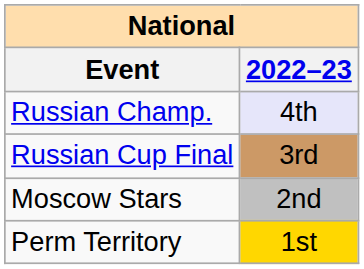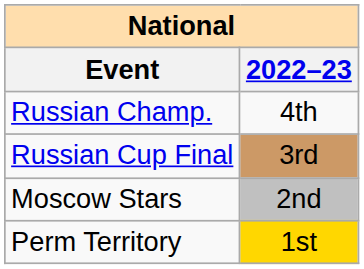 <table class="wikitable" style="text-align:center">
 <tr>
 <th style="background-color: #ffdead; " colspan=2 align=center>National</th>
 </tr>
 <tr>
 <th>Event</th>
 <th><a href='#'>2022–23</a></th>
 </tr>
 <tr>
 <td align=left><a href='#'>Russian Champ.</a></td>
-<td style="background: lavender;">4th</td>
+<td>4th</td>
 </tr>
 <tr>
 <td align="left"><a href='#'>Russian Cup Final</a></td>
 <td bgcolor=cc9966>3rd</td>
 </tr>
 <tr>
 <td align="left"> Moscow Stars</td>
 <td bgcolor=silver>2nd</td>
 </tr>
 <tr>
 <td align="left"> Perm Territory</td>
 <td bgcolor=gold>1st</td>
 </tr>
 </table>
